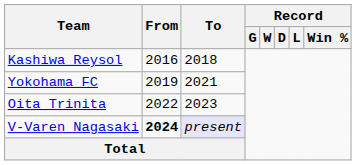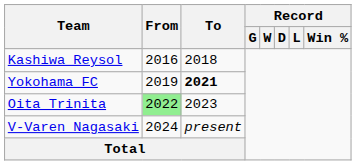 <table class="wikitable" style="text-align: center">
 <tr>
 <th rowspan="2">Team</th>
 <th rowspan="2">From</th>
 <th rowspan="2">To</th>
 <th colspan="5">Record</th>
 </tr>
 <tr>
 <th>G</th>
 <th>W</th>
 <th>D</th>
 <th>L</th>
 <th>Win %</th>
 </tr>
 <tr>
 <td align="left"><a href='#'>Kashiwa Reysol</a></td>
 <td align="left">2016</td>
 <td align="left">2018<br></td>
 </tr>
 <tr>
 <td align="left"><a href='#'>Yokohama FC</a></td>
 <td align="left">2019</td>
-<td align="left">2021<br></td>
+<td align="left"><strong>2021<br></strong></td>
 </tr>
 <tr>
 <td align="left"><a href='#'>Oita Trinita</a></td>
-<td align="left">2022</td>
+<td align="left" style="background: lightgreen;">2022</td>
 <td align="left">2023<br></td>
 </tr>
 <tr>
 <td align="left"><a href='#'>V-Varen Nagasaki</a></td>
-<td align="left"><strong>2024</strong></td>
-<td align="left" style="background: lavender;"><em>present</em><br></td>
+<td align="left">2024</td>
+<td align="left"><em>present</em><br></td>
 </tr>
 <tr>
 <th colspan="3">Total<br></th>
 </tr>
 </table>
